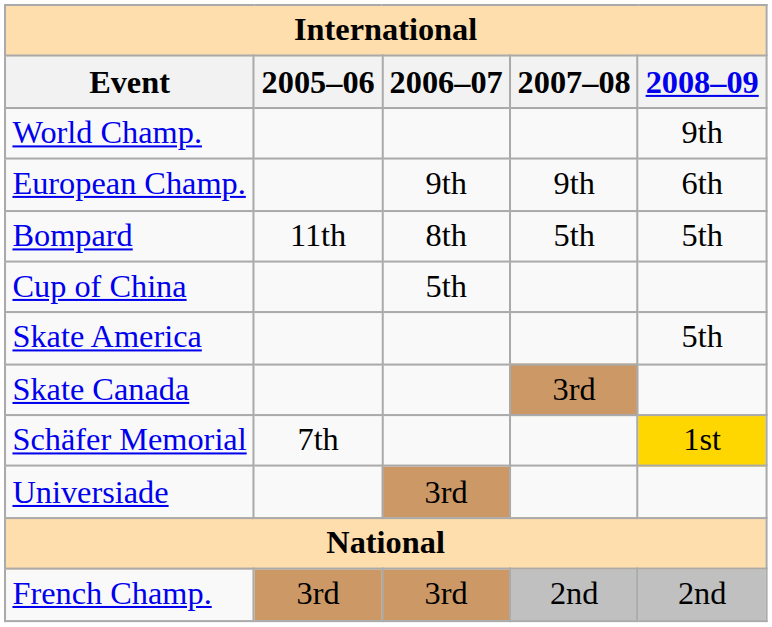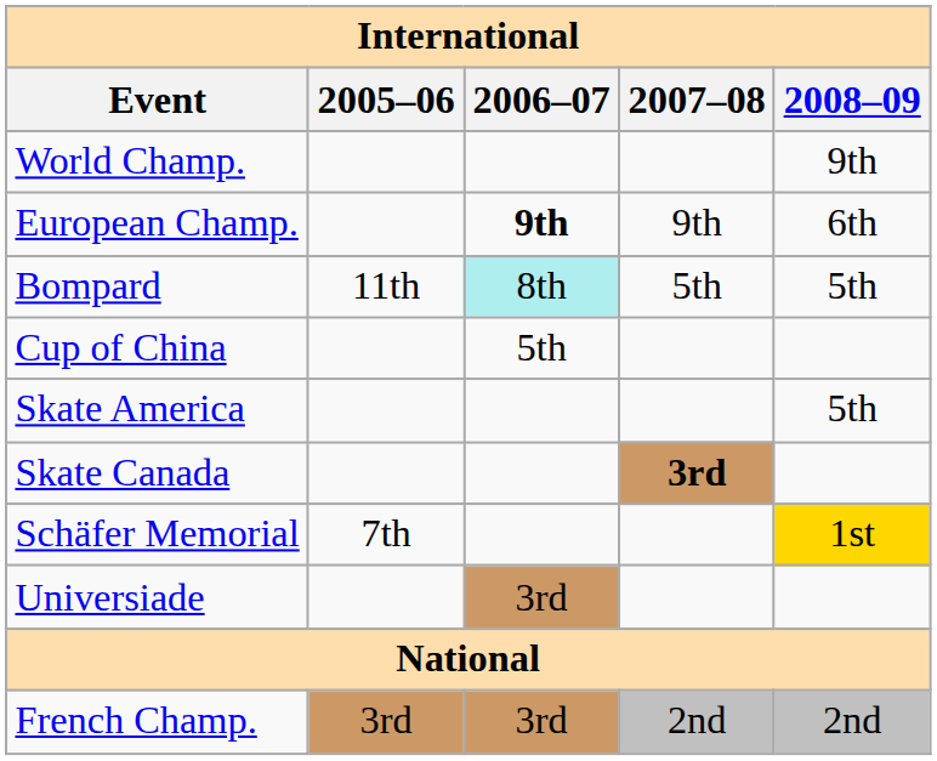 <table class="wikitable" style="text-align:center">
 <tr>
 <th style="background-color: #ffdead; " colspan=5 align=center>International</th>
 </tr>
 <tr>
 <th>Event</th>
 <th>2005–06</th>
 <th>2006–07</th>
 <th>2007–08</th>
 <th><a href='#'>2008–09</a></th>
 </tr>
 <tr>
 <td align=left><a href='#'>World Champ.</a></td>
 <td></td>
 <td></td>
 <td></td>
 <td>9th</td>
 </tr>
 <tr>
 <td align=left><a href='#'>European Champ.</a></td>
 <td></td>
-<td>9th</td>
+<td><strong>9th</strong></td>
 <td>9th</td>
 <td>6th</td>
 </tr>
 <tr>
 <td align=left> <a href='#'>Bompard</a></td>
 <td>11th</td>
-<td>8th</td>
+<td style="background: paleturquoise;">8th</td>
 <td>5th</td>
 <td>5th</td>
 </tr>
 <tr>
 <td align=left> <a href='#'>Cup of China</a></td>
 <td></td>
 <td>5th</td>
 <td></td>
 <td></td>
 </tr>
 <tr>
 <td align=left> <a href='#'>Skate America</a></td>
 <td></td>
 <td></td>
 <td></td>
 <td>5th</td>
 </tr>
 <tr>
 <td align=left> <a href='#'>Skate Canada</a></td>
 <td></td>
 <td></td>
-<td bgcolor=cc9966>3rd</td>
+<td bgcolor=cc9966><strong>3rd</strong></td>
 <td></td>
 </tr>
 <tr>
 <td align=left><a href='#'>Schäfer Memorial</a></td>
 <td>7th</td>
 <td></td>
 <td></td>
 <td bgcolor=gold>1st</td>
 </tr>
 <tr>
 <td align=left><a href='#'>Universiade</a></td>
 <td></td>
 <td bgcolor=cc9966>3rd</td>
 <td></td>
 <td></td>
 </tr>
 <tr>
 <th style="background-color: #ffdead; " colspan=5 align=center>National</th>
 </tr>
 <tr>
 <td align=left><a href='#'>French Champ.</a></td>
 <td bgcolor=cc9966>3rd</td>
 <td bgcolor=cc9966>3rd</td>
 <td bgcolor=silver>2nd</td>
 <td bgcolor=silver>2nd</td>
 </tr>
 </table>
